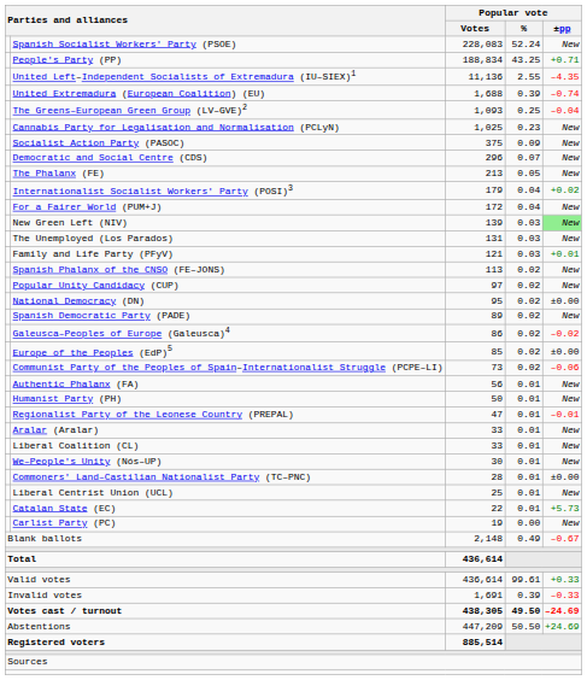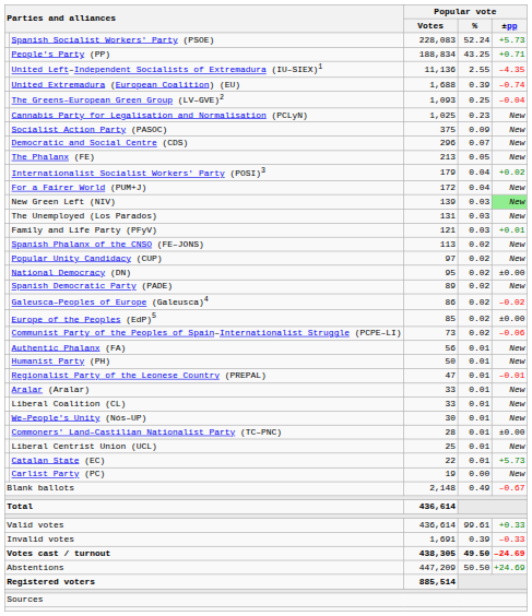 <table class="wikitable" style="text-align:right">
 <tr>
 <th style="text-align:left;" rowspan="2" colspan="2" width="525">Parties and alliances</th>
 <th colspan="3">Popular vote</th>
 </tr>
 <tr>
 <th width="75">Votes</th>
 <th width="45">%</th>
 <th width="45">±<a href='#'>pp</a></th>
 </tr>
 <tr>
 <td width="1" style="color:inherit;background:"></td>
 <td align="left"><a href='#'>Spanish Socialist Workers' Party</a> (PSOE)</td>
 <td>228,083</td>
 <td>52.24</td>
-<td><em>New</em></td>
+<td style="color:green;">+5.73</td>
 </tr>
 <tr>
 <td style="color:inherit;background:"></td>
 <td align="left"><a href='#'>People's Party</a> (PP)</td>
 <td>188,834</td>
 <td>43.25</td>
 <td style="color:green;">+0.71</td>
 </tr>
 <tr>
 <td style="color:inherit;background:"></td>
 <td align="left"><a href='#'>United Left</a>–<a href='#'>Independent Socialists of Extremadura</a> (IU–SIEX)<sup>1</sup></td>
 <td>11,136</td>
 <td>2.55</td>
 <td style="color:red;">–4.35</td>
 </tr>
 <tr>
 <td style="color:inherit;background:"></td>
 <td align="left"><a href='#'>United Extremadura</a> (<a href='#'>European Coalition</a>) (EU)</td>
 <td>1,688</td>
 <td>0.39</td>
 <td style="color:red;">–0.74</td>
 </tr>
 <tr>
 <td style="color:inherit;background:"></td>
 <td align="left"><a href='#'>The Greens–European Green Group</a> (LV–GVE)<sup>2</sup></td>
 <td>1,093</td>
 <td>0.25</td>
 <td style="color:red;">–0.04</td>
 </tr>
 <tr>
 <td style="color:inherit;background:"></td>
 <td align="left"><a href='#'>Cannabis Party for Legalisation and Normalisation</a> (PCLyN)</td>
 <td>1,025</td>
 <td>0.23</td>
 <td><em>New</em></td>
 </tr>
 <tr>
 <td style="color:inherit;background:"></td>
 <td align="left"><a href='#'>Socialist Action Party</a> (PASOC)</td>
 <td>375</td>
 <td>0.09</td>
 <td><em>New</em></td>
 </tr>
 <tr>
 <td style="color:inherit;background:"></td>
 <td align="left"><a href='#'>Democratic and Social Centre</a> (CDS)</td>
 <td>296</td>
 <td>0.07</td>
 <td><em>New</em></td>
 </tr>
 <tr>
 <td style="color:inherit;background:"></td>
 <td align="left"><a href='#'>The Phalanx</a> (FE)</td>
 <td>213</td>
 <td>0.05</td>
 <td><em>New</em></td>
 </tr>
 <tr>
 <td style="color:inherit;background:"></td>
 <td align="left"><a href='#'>Internationalist Socialist Workers' Party</a> (POSI)<sup>3</sup></td>
 <td>179</td>
 <td>0.04</td>
 <td style="color:green;">+0.02</td>
 </tr>
 <tr>
 <td style="color:inherit;background:"></td>
 <td align="left"><a href='#'>For a Fairer World</a> (PUM+J)</td>
 <td>172</td>
 <td>0.04</td>
 <td><em>New</em></td>
 </tr>
 <tr>
 <td style="color:inherit;background:"></td>
 <td align="left">New Green Left (NIV)</td>
 <td>139</td>
 <td>0.03</td>
 <td style="background: lightgreen;"><em>New</em></td>
 </tr>
 <tr>
 <td bgcolor="white"></td>
 <td align="left">The Unemployed (Los Parados)</td>
 <td>131</td>
 <td>0.03</td>
 <td><em>New</em></td>
 </tr>
 <tr>
 <td style="color:inherit;background:"></td>
 <td align="left">Family and Life Party (PFyV)</td>
 <td>121</td>
 <td>0.03</td>
 <td style="color:green;">+0.01</td>
 </tr>
 <tr>
 <td style="color:inherit;background:"></td>
 <td align="left"><a href='#'>Spanish Phalanx of the CNSO</a> (FE–JONS)</td>
 <td>113</td>
 <td>0.02</td>
 <td><em>New</em></td>
 </tr>
 <tr>
 <td style="color:inherit;background:"></td>
 <td align="left"><a href='#'>Popular Unity Candidacy</a> (CUP)</td>
 <td>97</td>
 <td>0.02</td>
 <td><em>New</em></td>
 </tr>
 <tr>
 <td style="color:inherit;background:"></td>
 <td align="left"><a href='#'>National Democracy</a> (DN)</td>
 <td>95</td>
 <td>0.02</td>
 <td>±0.00</td>
 </tr>
 <tr>
 <td style="color:inherit;background:"></td>
 <td align="left"><a href='#'>Spanish Democratic Party</a> (PADE)</td>
 <td>89</td>
 <td>0.02</td>
 <td><em>New</em></td>
 </tr>
 <tr>
 <td style="color:inherit;background:"></td>
 <td align="left"><a href='#'>Galeusca–Peoples of Europe</a> (Galeusca)<sup>4</sup></td>
 <td>86</td>
 <td>0.02</td>
 <td style="color:red;">–0.02</td>
 </tr>
 <tr>
 <td style="color:inherit;background:"></td>
 <td align="left"><a href='#'>Europe of the Peoples</a> (EdP)<sup>5</sup></td>
 <td>85</td>
 <td>0.02</td>
 <td>±0.00</td>
 </tr>
 <tr>
 <td style="color:inherit;background:"></td>
 <td align="left"><a href='#'>Communist Party of the Peoples of Spain</a>–<a href='#'>Internationalist Struggle</a> (PCPE–LI)</td>
 <td>73</td>
 <td>0.02</td>
 <td style="color:red;">–0.06</td>
 </tr>
 <tr>
 <td style="color:inherit;background:"></td>
 <td align="left"><a href='#'>Authentic Phalanx</a> (FA)</td>
 <td>56</td>
 <td>0.01</td>
 <td><em>New</em></td>
 </tr>
 <tr>
 <td style="color:inherit;background:"></td>
 <td align="left"><a href='#'>Humanist Party</a> (PH)</td>
 <td>50</td>
 <td>0.01</td>
 <td><em>New</em></td>
 </tr>
 <tr>
 <td style="color:inherit;background:"></td>
 <td align="left"><a href='#'>Regionalist Party of the Leonese Country</a> (PREPAL)</td>
 <td>47</td>
 <td>0.01</td>
 <td style="color:red;">–0.01</td>
 </tr>
 <tr>
 <td style="color:inherit;background:"></td>
 <td align="left"><a href='#'>Aralar</a> (Aralar)</td>
 <td>33</td>
 <td>0.01</td>
 <td><em>New</em></td>
 </tr>
 <tr>
 <td bgcolor="white"></td>
 <td align="left">Liberal Coalition (CL)</td>
 <td>33</td>
 <td>0.01</td>
 <td><em>New</em></td>
 </tr>
 <tr>
 <td style="color:inherit;background:"></td>
 <td align="left"><a href='#'>We–People's Unity</a> (Nós–UP)</td>
 <td>30</td>
 <td>0.01</td>
 <td><em>New</em></td>
 </tr>
 <tr>
 <td style="color:inherit;background:"></td>
 <td align="left"><a href='#'>Commoners' Land–Castilian Nationalist Party</a> (TC–PNC)</td>
 <td>28</td>
 <td>0.01</td>
 <td>±0.00</td>
 </tr>
 <tr>
 <td style="color:inherit;background:"></td>
 <td align="left">Liberal Centrist Union (UCL)</td>
 <td>25</td>
 <td>0.01</td>
 <td><em>New</em></td>
 </tr>
 <tr>
 <td style="color:inherit;background:"></td>
 <td align="left"><a href='#'>Catalan State</a> (EC)</td>
 <td>22</td>
 <td>0.01</td>
 <td style="color:green;">+5.73</td>
 </tr>
 <tr>
 <td style="color:inherit;background:"></td>
 <td align="left"><a href='#'>Carlist Party</a> (PC)</td>
 <td>19</td>
 <td>0.00</td>
 <td><em>New</em></td>
 </tr>
 <tr>
 <td align="left" colspan="2">Blank ballots</td>
 <td>2,148</td>
 <td>0.49</td>
 <td style="color:red;">–0.67</td>
 </tr>
 <tr>
 <td colspan="5" bgcolor="#E9E9E9"></td>
 </tr>
 <tr style="font-weight:bold;">
 <td align="left" colspan="2">Total</td>
 <td>436,614</td>
 <td bgcolor="#E9E9E9" colspan="2"></td>
 </tr>
 <tr>
 <td colspan="5" bgcolor="#E9E9E9"></td>
 </tr>
 <tr>
 <td align="left" colspan="2">Valid votes</td>
 <td>436,614</td>
 <td>99.61</td>
 <td style="color:green;">+0.33</td>
 </tr>
 <tr>
 <td align="left" colspan="2">Invalid votes</td>
 <td>1,691</td>
 <td>0.39</td>
 <td style="color:red;">–0.33</td>
 </tr>
 <tr style="font-weight:bold;">
 <td align="left" colspan="2">Votes cast / turnout</td>
 <td>438,305</td>
 <td>49.50</td>
 <td style="color:red;">–24.69</td>
 </tr>
 <tr>
 <td align="left" colspan="2">Abstentions</td>
 <td>447,209</td>
 <td>50.50</td>
 <td style="color:green;">+24.69</td>
 </tr>
 <tr style="font-weight:bold;">
 <td align="left" colspan="2">Registered voters</td>
 <td>885,514</td>
 <td bgcolor="#E9E9E9" colspan="2"></td>
 </tr>
 <tr>
 <td colspan="5" bgcolor="#E9E9E9"></td>
 </tr>
 <tr>
 <td align="left" colspan="5">Sources</td>
 </tr>
 <tr>
 <td colspan="5" style="text-align:left; max-width:680px;"></td>
 </tr>
 </table>
